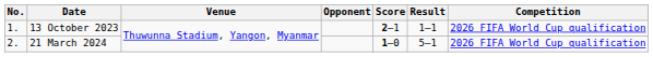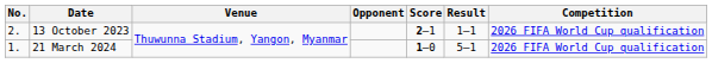 <table class="wikitable" style="font-size:95%;">
 <tr>
 <th>No.</th>
 <th>Date</th>
 <th>Venue</th>
 <th>Opponent</th>
 <th>Score</th>
 <th>Result</th>
 <th>Competition</th>
 </tr>
 <tr>
-<td>1.</td>
+<td>2.</td>
 <td>13 October 2023</td>
 <td rowspan="2"><a href='#'>Thuwunna Stadium</a>, <a href='#'>Yangon</a>, <a href='#'>Myanmar</a></td>
 <td></td>
 <td align="center"><strong>2</strong>–1</td>
 <td align="center">1–1</td>
 <td><a href='#'>2026 FIFA World Cup qualification</a></td>
 </tr>
 <tr>
-<td>2.</td>
+<td>1.</td>
 <td>21 March 2024</td>
 <td></td>
 <td align="center"><strong>1</strong>–0</td>
 <td align="center">5–1</td>
 <td><a href='#'>2026 FIFA World Cup qualification</a></td>
 </tr>
 </table>
